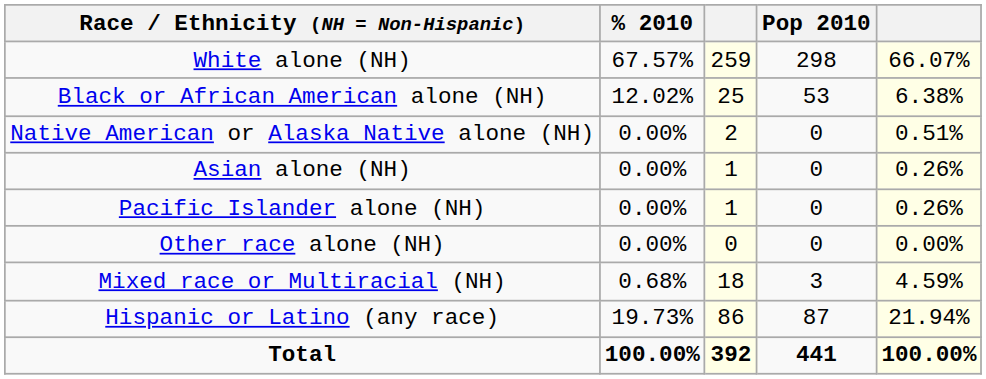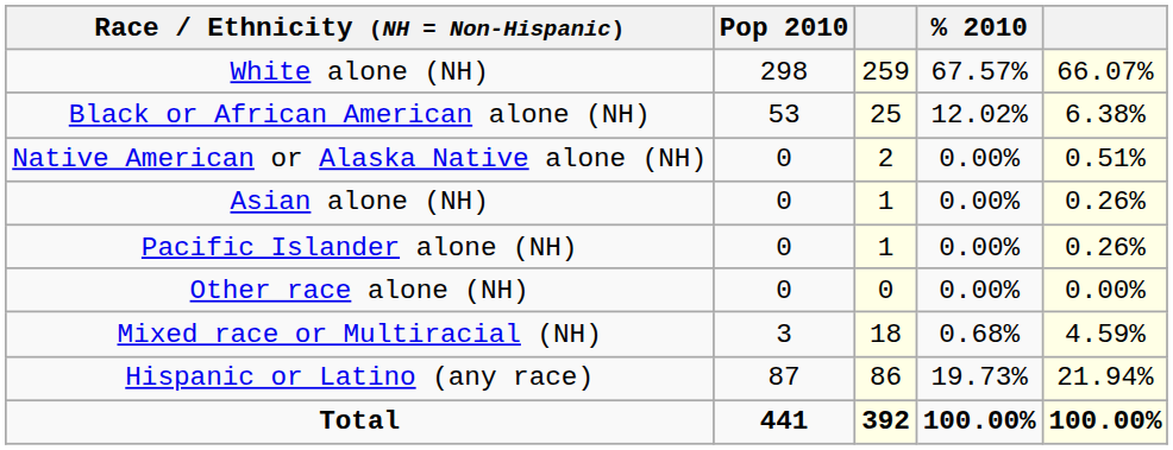 <table class="wikitable" style="text-align:center;">
 <tr>
 <th>Race / Ethnicity <small>(<em>NH = Non-Hispanic</em>)</small></th>
+<th>Pop 2010</th>
+<th></th>
 <th>% 2010</th>
-<th></th>
-<th>Pop 2010</th>
 <th></th>
 </tr>
 <tr>
 <td><a href='#'>White</a> alone (NH)</td>
+<td>298</td>
+<td style='background: #ffffe6;'>259</td>
 <td>67.57%</td>
-<td style='background: #ffffe6;'>259</td>
-<td>298</td>
 <td style='background: #ffffe6;'>66.07%</td>
 </tr>
 <tr>
 <td><a href='#'>Black or African American</a> alone (NH)</td>
+<td>53</td>
+<td style='background: #ffffe6;'>25</td>
 <td>12.02%</td>
-<td style='background: #ffffe6;'>25</td>
-<td>53</td>
 <td style='background: #ffffe6;'>6.38%</td>
 </tr>
 <tr>
 <td><a href='#'>Native American</a> or <a href='#'>Alaska Native</a> alone (NH)</td>
+<td>0</td>
+<td style='background: #ffffe6;'>2</td>
 <td>0.00%</td>
-<td style='background: #ffffe6;'>2</td>
-<td>0</td>
 <td style='background: #ffffe6;'>0.51%</td>
 </tr>
 <tr>
 <td><a href='#'>Asian</a> alone (NH)</td>
+<td>0</td>
+<td style='background: #ffffe6;'>1</td>
 <td>0.00%</td>
-<td style='background: #ffffe6;'>1</td>
-<td>0</td>
 <td style='background: #ffffe6;'>0.26%</td>
 </tr>
 <tr>
 <td><a href='#'>Pacific Islander</a> alone (NH)</td>
+<td>0</td>
+<td style='background: #ffffe6;'>1</td>
 <td>0.00%</td>
-<td style='background: #ffffe6;'>1</td>
-<td>0</td>
 <td style='background: #ffffe6;'>0.26%</td>
 </tr>
 <tr>
 <td><a href='#'>Other race</a> alone (NH)</td>
+<td>0</td>
+<td style='background: #ffffe6;'>0</td>
 <td>0.00%</td>
-<td style='background: #ffffe6;'>0</td>
-<td>0</td>
 <td style='background: #ffffe6;'>0.00%</td>
 </tr>
 <tr>
 <td><a href='#'>Mixed race or Multiracial</a> (NH)</td>
+<td>3</td>
+<td style='background: #ffffe6;'>18</td>
 <td>0.68%</td>
-<td style='background: #ffffe6;'>18</td>
-<td>3</td>
 <td style='background: #ffffe6;'>4.59%</td>
 </tr>
 <tr>
 <td><a href='#'>Hispanic or Latino</a> (any race)</td>
+<td>87</td>
+<td style='background: #ffffe6;'>86</td>
 <td>19.73%</td>
-<td style='background: #ffffe6;'>86</td>
-<td>87</td>
 <td style='background: #ffffe6;'>21.94%</td>
 </tr>
 <tr>
 <td><strong>Total</strong></td>
+<td><strong>441</strong></td>
+<td style='background: #ffffe6;'><strong>392</strong></td>
 <td><strong>100.00%</strong></td>
-<td style='background: #ffffe6;'><strong>392</strong></td>
-<td><strong>441</strong></td>
 <td style='background: #ffffe6;'><strong>100.00%</strong></td>
 </tr>
 </table>
